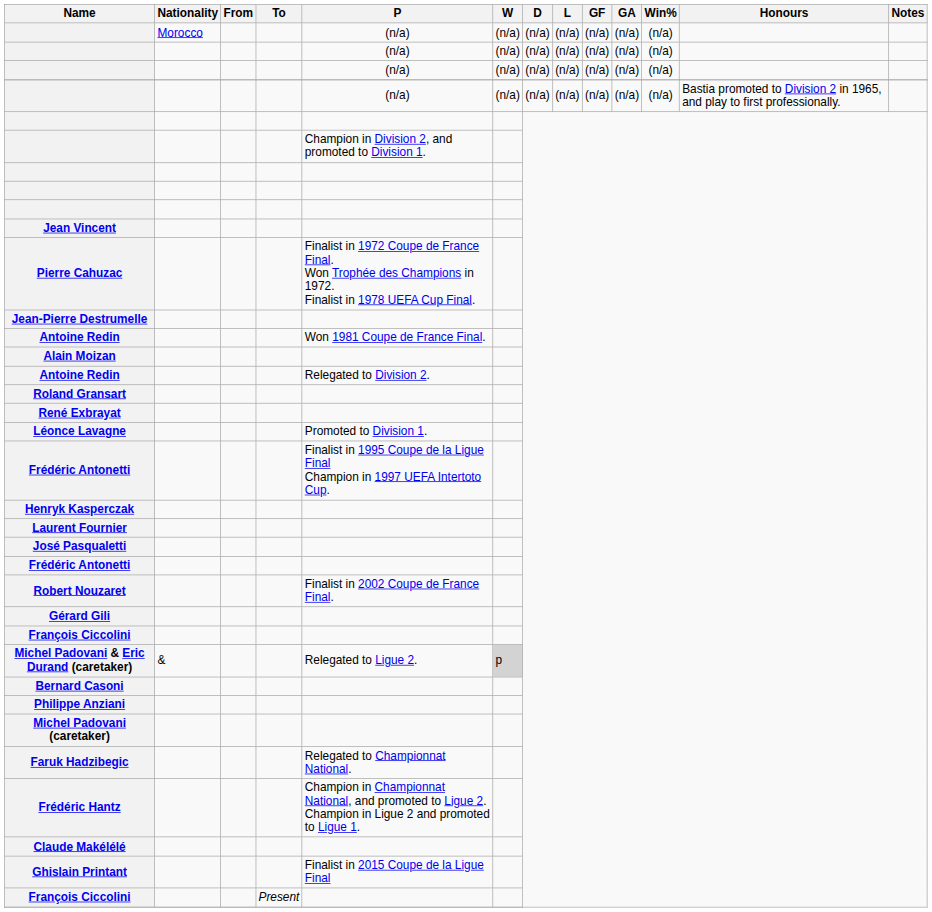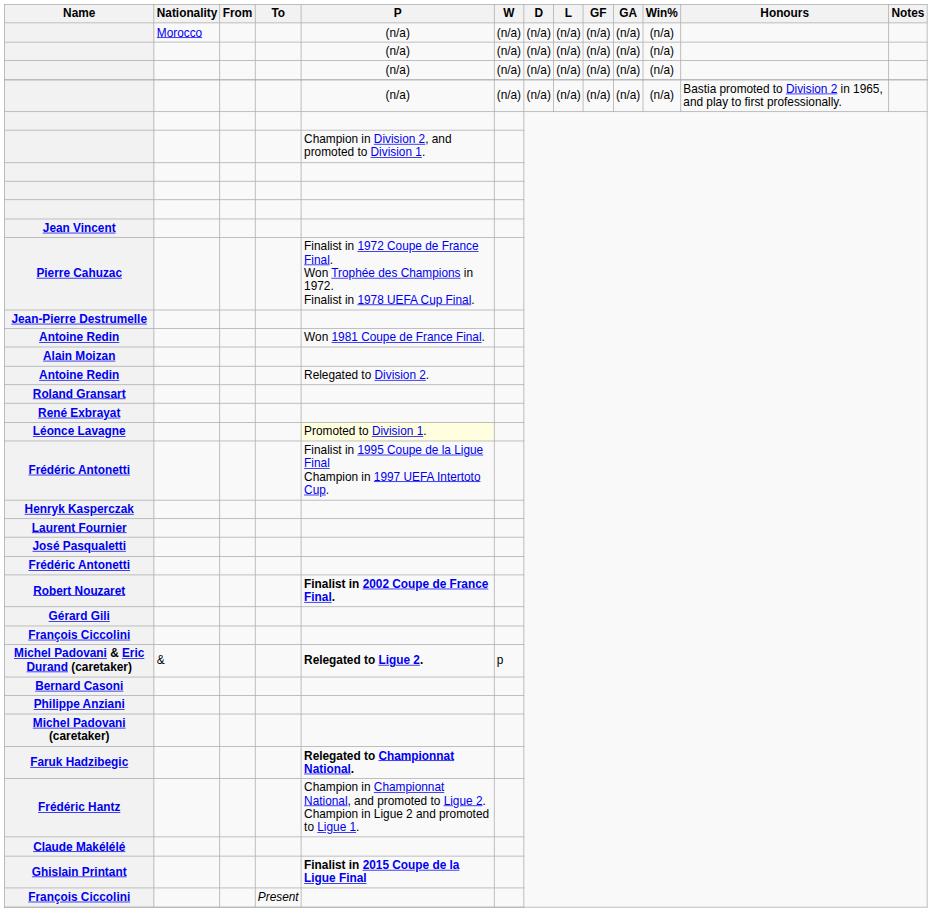 <table class="wikitable plainrowheaders sortable">
 <tr>
 <th scope="col">Name</th>
 <th scope="col">Nationality</th>
 <th scope="col">From</th>
 <th scope="col">To</th>
 <th scope="col">P</th>
 <th scope="col">W</th>
 <th scope="col">D</th>
 <th scope="col">L</th>
 <th scope="col">GF</th>
 <th scope="col">GA</th>
 <th scope="col">Win%</th>
 <th scope="col">Honours</th>
 <th scope="col" class="unsortable">Notes</th>
 </tr>
 <tr>
 <th scope="row"></th>
 <td> <a href='#'>Morocco</a></td>
 <td></td>
 <td></td>
 <td align="center">(n/a)</td>
 <td align="center">(n/a)</td>
 <td align="center">(n/a)</td>
 <td align="center">(n/a)</td>
 <td align="center">(n/a)</td>
 <td align="center">(n/a)</td>
 <td align="center">(n/a)</td>
 <td></td>
 <td></td>
 </tr>
 <tr>
 <th scope="row"></th>
 <td></td>
 <td></td>
 <td></td>
 <td align="center">(n/a)</td>
 <td align="center">(n/a)</td>
 <td align="center">(n/a)</td>
 <td align="center">(n/a)</td>
 <td align="center">(n/a)</td>
 <td align="center">(n/a)</td>
 <td align="center">(n/a)</td>
 <td></td>
 <td></td>
 </tr>
 <tr>
 <th scope="row"></th>
 <td></td>
 <td></td>
 <td></td>
 <td align="center">(n/a)</td>
 <td align="center">(n/a)</td>
 <td align="center">(n/a)</td>
 <td align="center">(n/a)</td>
 <td align="center">(n/a)</td>
 <td align="center">(n/a)</td>
 <td align="center">(n/a)</td>
 <td></td>
 <td></td>
 </tr>
 <tr>
 </tr>
 <tr>
 <th scope="row"></th>
 <td></td>
 <td></td>
 <td></td>
 <td align="center">(n/a)</td>
 <td align="center">(n/a)</td>
 <td align="center">(n/a)</td>
 <td align="center">(n/a)</td>
 <td align="center">(n/a)</td>
 <td align="center">(n/a)</td>
 <td align="center">(n/a)</td>
 <td>Bastia promoted to <a href='#'>Division 2</a> in 1965, and play to first professionally.</td>
 <td></td>
 </tr>
 <tr>
 <th scope="row"></th>
 <td></td>
 <td></td>
 <td><br></td>
 <td></td>
 <td></td>
 </tr>
 <tr>
 <th scope="row"></th>
 <td></td>
 <td></td>
 <td><br></td>
 <td>Champion in <a href='#'>Division 2</a>, and promoted to <a href='#'>Division 1</a>.</td>
 <td></td>
 </tr>
 <tr>
 <th scope="row"></th>
 <td></td>
 <td></td>
 <td><br></td>
 <td></td>
 <td></td>
 </tr>
 <tr>
 <th scope="row"></th>
 <td></td>
 <td></td>
 <td><br></td>
 <td></td>
 <td></td>
 </tr>
 <tr>
 <th scope="row"></th>
 <td></td>
 <td></td>
 <td><br></td>
 <td></td>
 <td></td>
 </tr>
 <tr>
 <th scope="row"><a href='#'>Jean Vincent</a></th>
 <td></td>
 <td></td>
 <td><br></td>
 <td></td>
 <td></td>
 </tr>
 <tr>
 <th scope="row"><a href='#'>Pierre Cahuzac</a></th>
 <td></td>
 <td></td>
 <td><br></td>
 <td>Finalist in <a href='#'>1972 Coupe de France Final</a>.<br>Won <a href='#'>Trophée des Champions</a> in 1972.<br>Finalist in <a href='#'>1978 UEFA Cup Final</a>.</td>
 <td></td>
 </tr>
 <tr>
 <th scope="row"><a href='#'>Jean-Pierre Destrumelle</a></th>
 <td></td>
 <td></td>
 <td><br></td>
 <td></td>
 <td></td>
 </tr>
 <tr>
 <th scope="row"><a href='#'>Antoine Redin</a></th>
 <td></td>
 <td></td>
 <td><br></td>
 <td>Won <a href='#'>1981 Coupe de France Final</a>.</td>
 <td></td>
 </tr>
 <tr>
 <th scope="row"><a href='#'>Alain Moizan</a></th>
 <td></td>
 <td></td>
 <td><br></td>
 <td></td>
 <td></td>
 </tr>
 <tr>
 <th scope="row"><a href='#'>Antoine Redin</a></th>
 <td></td>
 <td></td>
 <td><br></td>
 <td>Relegated to <a href='#'>Division 2</a>.</td>
 <td></td>
 </tr>
 <tr>
 <th scope="row"><a href='#'>Roland Gransart</a></th>
 <td></td>
 <td></td>
 <td><br></td>
 <td></td>
 <td></td>
 </tr>
 <tr>
 <th scope="row"><a href='#'>René Exbrayat</a></th>
 <td></td>
 <td></td>
 <td><br></td>
 <td></td>
 <td></td>
 </tr>
 <tr>
 <th scope="row"><a href='#'>Léonce Lavagne</a></th>
 <td></td>
 <td></td>
 <td><br></td>
-<td>Promoted to <a href='#'>Division 1</a>.</td>
+<td style="background: lightyellow;">Promoted to <a href='#'>Division 1</a>.</td>
 <td></td>
 </tr>
 <tr>
 <th scope="row"><a href='#'>Frédéric Antonetti</a></th>
 <td></td>
 <td></td>
 <td><br></td>
 <td>Finalist in <a href='#'>1995 Coupe de la Ligue Final</a><br>Champion in <a href='#'>1997 UEFA Intertoto Cup</a>.</td>
 <td></td>
 </tr>
 <tr>
 <th scope="row"><a href='#'>Henryk Kasperczak</a></th>
 <td></td>
 <td></td>
 <td><br></td>
 <td></td>
 <td></td>
 </tr>
 <tr>
 <th scope="row"><a href='#'>Laurent Fournier</a></th>
 <td></td>
 <td></td>
 <td><br></td>
 <td></td>
 <td></td>
 </tr>
 <tr>
 <th scope="row"><a href='#'>José Pasqualetti</a></th>
 <td></td>
 <td></td>
 <td><br></td>
 <td></td>
 <td></td>
 </tr>
 <tr>
 <th scope="row"><a href='#'>Frédéric Antonetti</a></th>
 <td></td>
 <td></td>
 <td><br></td>
 <td></td>
 <td></td>
 </tr>
 <tr>
 <th scope="row"><a href='#'>Robert Nouzaret</a></th>
 <td></td>
 <td></td>
 <td><br></td>
-<td>Finalist in <a href='#'>2002 Coupe de France Final</a>.</td>
+<td><strong>Finalist in <a href='#'>2002 Coupe de France Final</a>.</strong></td>
 <td></td>
 </tr>
 <tr>
 <th scope="row"><a href='#'>Gérard Gili</a></th>
 <td></td>
 <td></td>
 <td><br></td>
 <td></td>
 <td></td>
 </tr>
 <tr>
 <th scope="row"><a href='#'>François Ciccolini</a></th>
 <td></td>
 <td></td>
 <td><br></td>
 <td></td>
 <td></td>
 </tr>
 <tr>
 <th scope="row"><a href='#'>Michel Padovani</a> & <a href='#'>Eric Durand</a> (caretaker)</th>
 <td> & </td>
 <td></td>
 <td><br></td>
-<td>Relegated to <a href='#'>Ligue 2</a>.</td>
-<td style="background: lightgrey;">p</td>
+<td><strong>Relegated to <a href='#'>Ligue 2</a>.</strong></td>
+<td>p</td>
 </tr>
 <tr>
 <th scope="row"><a href='#'>Bernard Casoni</a></th>
 <td></td>
 <td></td>
 <td><br></td>
 <td></td>
 <td></td>
 </tr>
 <tr>
 <th scope="row"><a href='#'>Philippe Anziani</a></th>
 <td></td>
 <td></td>
 <td><br></td>
 <td></td>
 <td></td>
 </tr>
 <tr>
 <th scope="row"><a href='#'>Michel Padovani</a> (caretaker)</th>
 <td></td>
 <td></td>
 <td><br></td>
 <td></td>
 <td></td>
 </tr>
 <tr>
 <th scope="row"><a href='#'>Faruk Hadzibegic</a></th>
 <td></td>
 <td></td>
 <td><br></td>
-<td>Relegated to <a href='#'>Championnat National</a>.</td>
+<td><strong>Relegated to <a href='#'>Championnat National</a>.</strong></td>
 <td></td>
 </tr>
 <tr>
 <th scope="row"><a href='#'>Frédéric Hantz</a></th>
 <td></td>
 <td></td>
 <td><br></td>
 <td>Champion in <a href='#'>Championnat National</a>, and promoted to <a href='#'>Ligue 2</a>.<br>Champion in Ligue 2 and promoted to <a href='#'>Ligue 1</a>.</td>
 <td></td>
 </tr>
 <tr>
 <th scope="row"><a href='#'>Claude Makélélé</a></th>
 <td></td>
 <td></td>
 <td><br></td>
 <td></td>
 <td></td>
 </tr>
 <tr>
 <th scope="row"><a href='#'>Ghislain Printant</a></th>
 <td></td>
 <td></td>
 <td><br></td>
-<td>Finalist in <a href='#'>2015 Coupe de la Ligue Final</a></td>
+<td><strong>Finalist in <a href='#'>2015 Coupe de la Ligue Final</a></strong></td>
 <td></td>
 </tr>
 <tr>
 <th scope="row"><a href='#'>François Ciccolini</a></th>
 <td></td>
 <td></td>
 <td><em>Present</em><br></td>
 <td></td>
 <td></td>
 </tr>
 <tr>
 </tr>
 </table>
